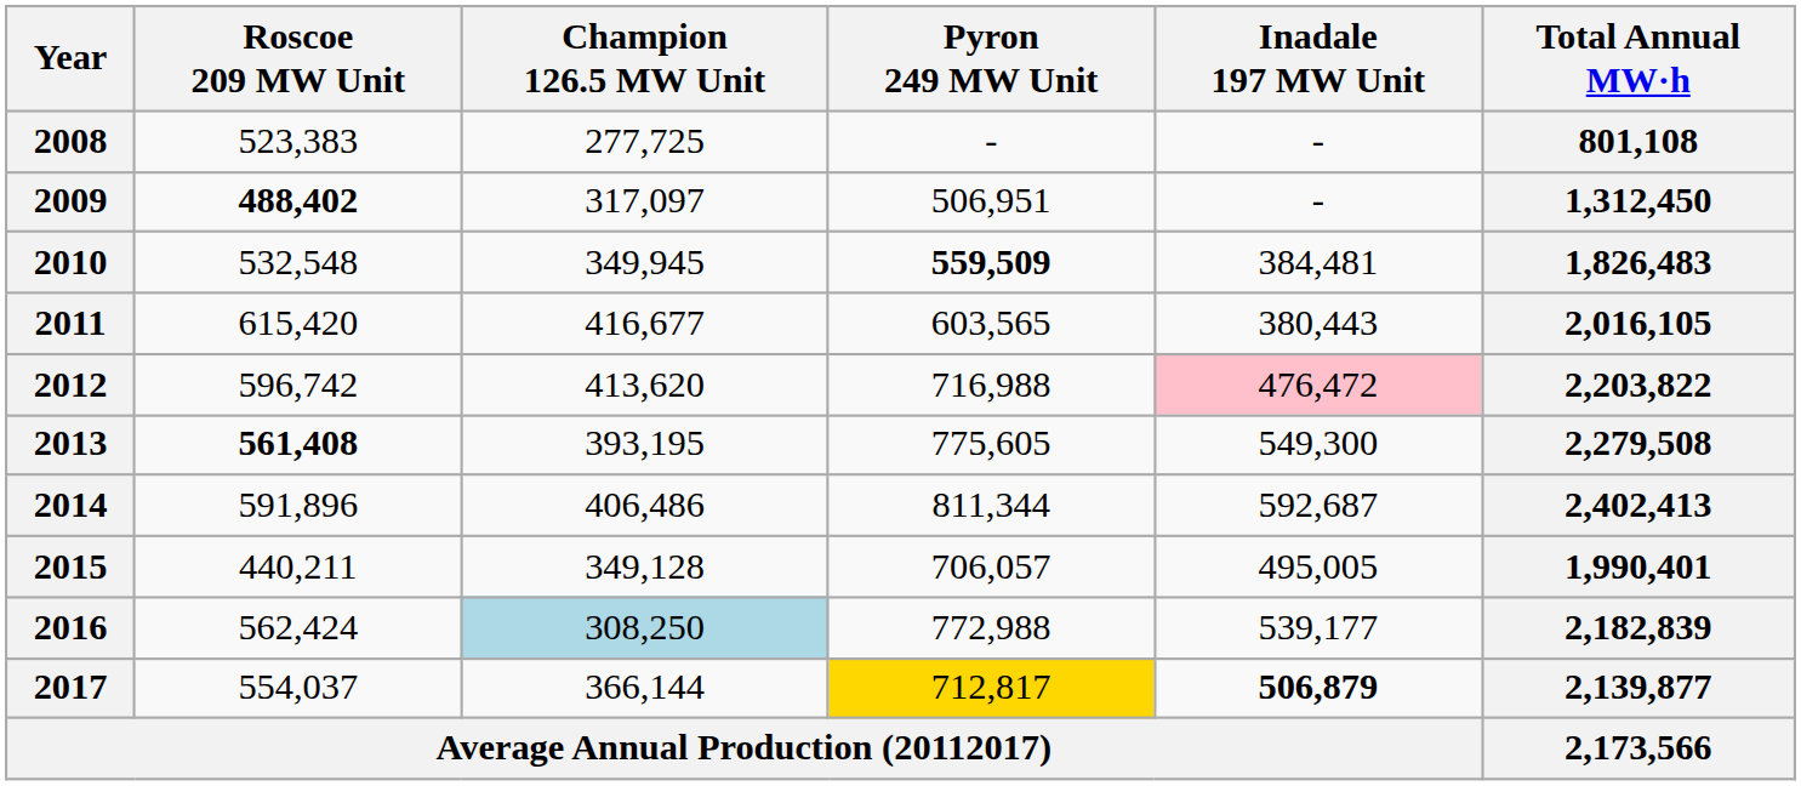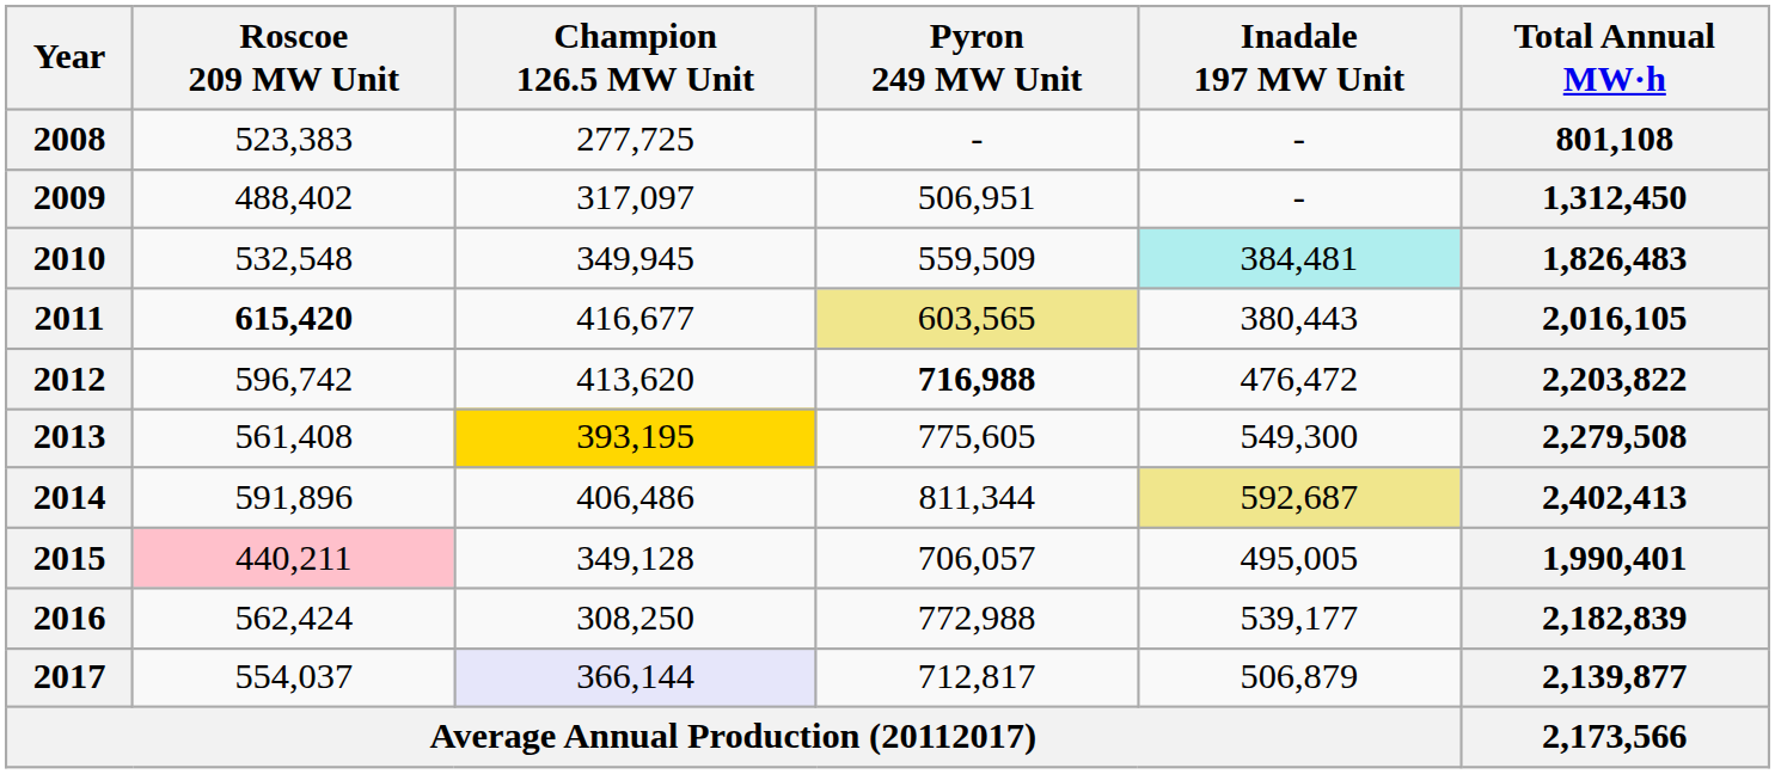 <table class=wikitable style="text-align:center; font-size:0.9em; width:700px;">
 <tr>
 <th>Year</th>
 <th>Roscoe<br>209 MW Unit </th>
 <th>Champion<br>126.5 MW Unit </th>
 <th>Pyron<br>249 MW Unit </th>
 <th>Inadale<br>197 MW Unit </th>
 <th>Total Annual<br><a href='#'>MW·h</a></th>
 </tr>
 <tr>
 <th>2008</th>
 <td>523,383</td>
 <td>277,725</td>
 <td>-</td>
 <td>-</td>
 <th>801,108</th>
 </tr>
 <tr>
 <th>2009</th>
-<td><strong>488,402</strong></td>
+<td>488,402</td>
 <td>317,097</td>
 <td>506,951</td>
 <td>-</td>
 <th>1,312,450</th>
 </tr>
 <tr>
 <th>2010</th>
 <td>532,548</td>
 <td>349,945</td>
-<td><strong>559,509</strong></td>
-<td>384,481</td>
+<td>559,509</td>
+<td style="background: paleturquoise;">384,481</td>
 <th>1,826,483</th>
 </tr>
 <tr>
 <th>2011</th>
-<td>615,420</td>
+<td><strong>615,420</strong></td>
 <td>416,677</td>
-<td>603,565</td>
+<td style="background: khaki;">603,565</td>
 <td>380,443</td>
 <th>2,016,105</th>
 </tr>
 <tr>
 <th>2012</th>
 <td>596,742</td>
 <td>413,620</td>
-<td>716,988</td>
-<td style="background: pink;">476,472</td>
+<td><strong>716,988</strong></td>
+<td>476,472</td>
 <th>2,203,822</th>
 </tr>
 <tr>
 <th>2013</th>
-<td><strong>561,408</strong></td>
-<td>393,195</td>
+<td>561,408</td>
+<td style="background: gold;">393,195</td>
 <td>775,605</td>
 <td>549,300</td>
 <th>2,279,508</th>
 </tr>
 <tr>
 <th>2014</th>
 <td>591,896</td>
 <td>406,486</td>
 <td>811,344</td>
-<td>592,687</td>
+<td style="background: khaki;">592,687</td>
 <th>2,402,413</th>
 </tr>
 <tr>
 <th>2015</th>
-<td>440,211</td>
+<td style="background: pink;">440,211</td>
 <td>349,128</td>
 <td>706,057</td>
 <td>495,005</td>
 <th>1,990,401</th>
 </tr>
 <tr>
 <th>2016</th>
 <td>562,424</td>
-<td style="background: lightblue;">308,250</td>
+<td>308,250</td>
 <td>772,988</td>
 <td>539,177</td>
 <th>2,182,839</th>
 </tr>
 <tr>
 <th>2017</th>
 <td>554,037</td>
-<td>366,144</td>
-<td style="background: gold;">712,817</td>
-<td><strong>506,879</strong></td>
+<td style="background: lavender;">366,144</td>
+<td>712,817</td>
+<td>506,879</td>
 <th>2,139,877</th>
 </tr>
 <tr>
 <th colspan=5>Average Annual Production (20112017)</th>
 <th>2,173,566</th>
 </tr>
 </table>
